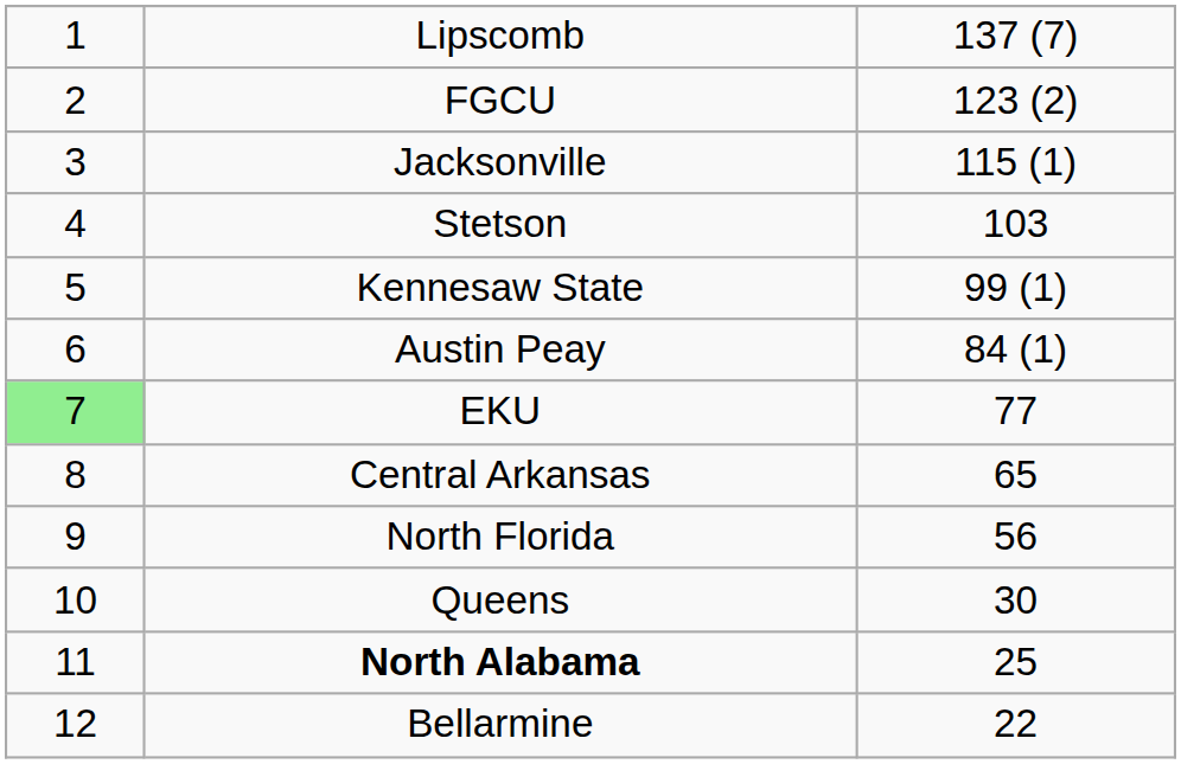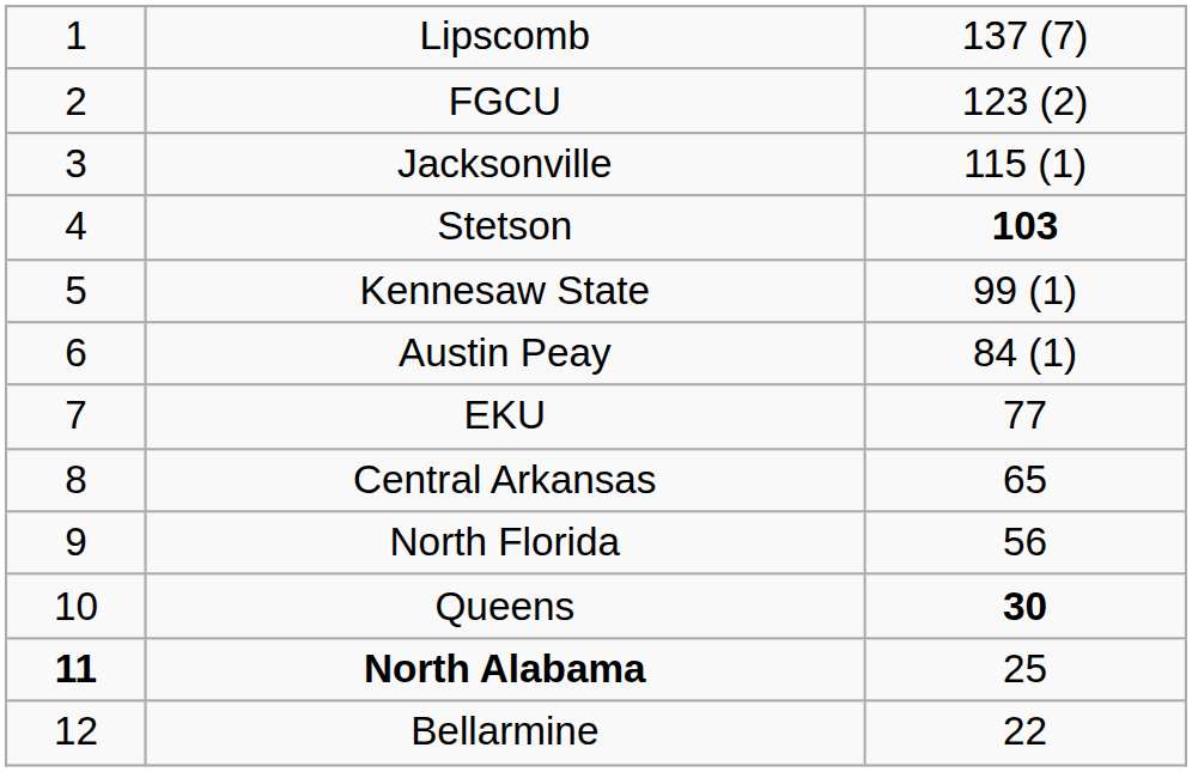 <table class="wikitable" style="width: 30%;text-align: center;">
 <tr align="center">
 </tr>
 <tr>
 <td>1</td>
 <td>Lipscomb</td>
 <td>137 (7)</td>
 </tr>
 <tr>
 <td>2</td>
 <td>FGCU</td>
 <td>123 (2)</td>
 </tr>
 <tr>
 <td>3</td>
 <td>Jacksonville</td>
 <td>115 (1)</td>
 </tr>
 <tr>
 <td>4</td>
 <td>Stetson</td>
-<td>103</td>
+<td><strong>103</strong></td>
 </tr>
 <tr>
 <td>5</td>
 <td>Kennesaw State</td>
 <td>99 (1)</td>
 </tr>
 <tr>
 <td>6</td>
 <td>Austin Peay</td>
 <td>84 (1)</td>
 </tr>
 <tr>
-<td style="background: lightgreen;">7</td>
+<td>7</td>
 <td>EKU</td>
 <td>77</td>
 </tr>
 <tr>
 <td>8</td>
 <td>Central Arkansas</td>
 <td>65</td>
 </tr>
 <tr>
 <td>9</td>
 <td>North Florida</td>
 <td>56</td>
 </tr>
 <tr>
 <td>10</td>
 <td>Queens</td>
-<td>30</td>
+<td><strong>30</strong></td>
 </tr>
 <tr>
-<td>11</td>
+<td><strong>11</strong></td>
 <td><strong>North Alabama</strong></td>
 <td>25</td>
 </tr>
 <tr>
 <td>12</td>
 <td>Bellarmine</td>
 <td>22</td>
 </tr>
 </table>
